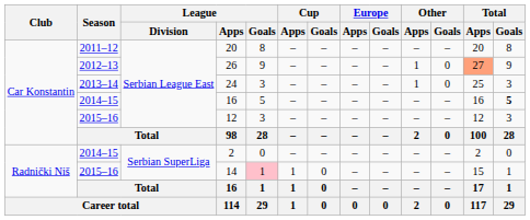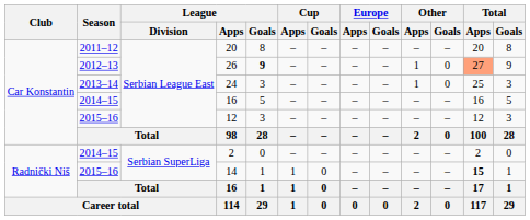 <table class="wikitable" style="text-align: center;">
 <tr>
 <th rowspan="2">Club</th>
 <th rowspan="2">Season</th>
 <th colspan="3">League</th>
 <th colspan="2">Cup</th>
 <th colspan="2"><a href='#'>Europe</a></th>
 <th colspan="2">Other</th>
 <th colspan="2">Total</th>
 </tr>
 <tr>
 <th>Division</th>
 <th>Apps</th>
 <th>Goals</th>
 <th>Apps</th>
 <th>Goals</th>
 <th>Apps</th>
 <th>Goals</th>
 <th>Apps</th>
 <th>Goals</th>
 <th>Apps</th>
 <th>Goals</th>
 </tr>
 <tr>
 <td rowspan="6" valign="center"><a href='#'>Car Konstantin</a></td>
 <td><a href='#'>2011–12</a></td>
 <td rowspan=5><a href='#'>Serbian League East</a></td>
 <td>20</td>
 <td>8</td>
 <td>–</td>
 <td>–</td>
 <td>–</td>
 <td>–</td>
 <td>–</td>
 <td>–</td>
 <td>20</td>
 <td>8</td>
 </tr>
 <tr>
 <td><a href='#'>2012–13</a></td>
 <td>26</td>
-<td>9</td>
+<td><strong>9</strong></td>
 <td>–</td>
 <td>–</td>
 <td>–</td>
 <td>–</td>
 <td>1</td>
 <td>0</td>
 <td style="background: lightsalmon;">27</td>
 <td>9</td>
 </tr>
 <tr>
 <td><a href='#'>2013–14</a></td>
 <td>24</td>
 <td>3</td>
 <td>–</td>
 <td>–</td>
 <td>–</td>
 <td>–</td>
 <td>1</td>
 <td>0</td>
 <td>25</td>
 <td>3</td>
 </tr>
 <tr>
 <td><a href='#'>2014–15</a></td>
 <td>16</td>
 <td>5</td>
 <td>–</td>
 <td>–</td>
 <td>–</td>
 <td>–</td>
 <td>–</td>
 <td>–</td>
 <td>16</td>
-<td><strong>5</strong></td>
+<td>5</td>
 </tr>
 <tr>
 <td><a href='#'>2015–16</a></td>
 <td>12</td>
 <td>3</td>
 <td>–</td>
 <td>–</td>
 <td>–</td>
 <td>–</td>
 <td>–</td>
 <td>–</td>
 <td>12</td>
 <td>3</td>
 </tr>
 <tr>
 <th colspan="2">Total</th>
 <th>98</th>
 <th>28</th>
 <th>–</th>
 <th>–</th>
 <th>–</th>
 <th>–</th>
 <th>2</th>
 <th>0</th>
 <th>100</th>
 <th>28</th>
 </tr>
 <tr>
 <td rowspan="3" valign="center"><a href='#'>Radnički Niš</a></td>
 <td><a href='#'>2014–15</a></td>
 <td rowspan=2><a href='#'>Serbian SuperLiga</a></td>
 <td>2</td>
 <td>0</td>
 <td>–</td>
 <td>–</td>
 <td>–</td>
 <td>–</td>
 <td>–</td>
 <td>–</td>
 <td>2</td>
 <td>0</td>
 </tr>
 <tr>
 <td><a href='#'>2015–16</a></td>
 <td>14</td>
-<td style="background: pink;">1</td>
+<td>1</td>
 <td>1</td>
 <td>0</td>
 <td>–</td>
 <td>–</td>
 <td>–</td>
 <td>–</td>
-<td>15</td>
+<td><strong>15</strong></td>
 <td>1</td>
 </tr>
 <tr>
 <th colspan="2">Total</th>
 <th>16</th>
 <th>1</th>
 <th>1</th>
 <th>0</th>
 <th>–</th>
 <th>–</th>
 <th>–</th>
 <th>–</th>
 <th>17</th>
 <th>1</th>
 </tr>
 <tr>
 <th colspan="3">Career total</th>
 <th>114</th>
 <th>29</th>
 <th>1</th>
 <th>0</th>
 <th>0</th>
 <th>0</th>
 <th>2</th>
 <th>0</th>
 <th>117</th>
 <th>29</th>
 </tr>
 </table>
